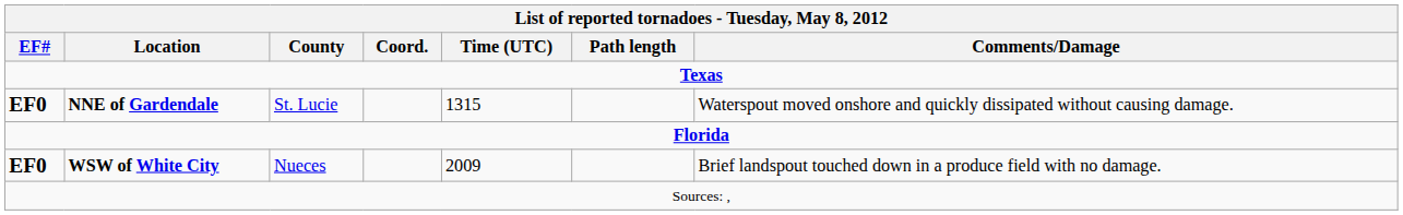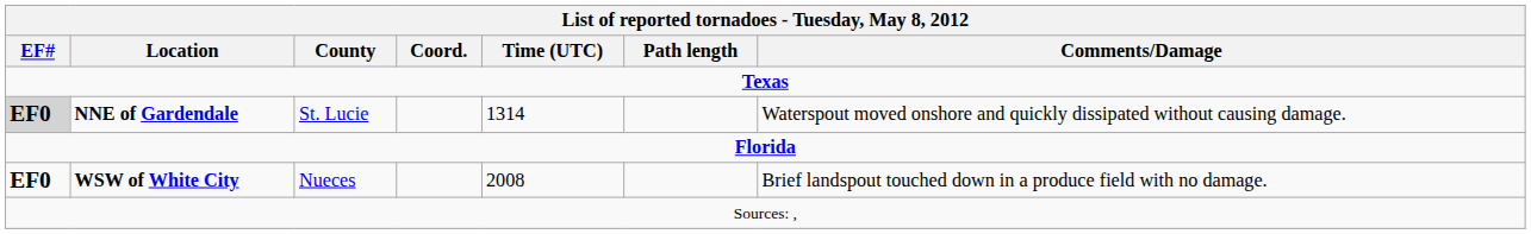 <table class="wikitable collapsible" width="100%">
 <tr>
 <th colspan="7">List of reported tornadoes - Tuesday, May 8, 2012</th>
 </tr>
 <tr>
 <th><a href='#'>EF#</a></th>
 <th>Location</th>
 <th>County</th>
 <th>Coord.</th>
 <th>Time (UTC)</th>
 <th>Path length</th>
 <th>Comments/Damage</th>
 </tr>
 <tr>
 <td colspan="7" align=center><strong><a href='#'>Texas</a></strong></td>
 </tr>
 <tr>
-<td><big><strong>EF0</strong></big></td>
+<td style="background: lightgrey;"><big><strong>EF0</strong></big></td>
 <td><strong>NNE of <a href='#'>Gardendale</a></strong></td>
 <td><a href='#'>St. Lucie</a></td>
 <td></td>
-<td>1315</td>
+<td>1314</td>
 <td></td>
 <td>Waterspout moved onshore and quickly dissipated without causing damage.</td>
 </tr>
 <tr>
 <td colspan="7" align=center><strong><a href='#'>Florida</a></strong></td>
 </tr>
 <tr>
 <td><big><strong>EF0</strong></big></td>
 <td><strong>WSW of <a href='#'>White City</a></strong></td>
 <td><a href='#'>Nueces</a></td>
 <td></td>
-<td>2009</td>
+<td>2008</td>
 <td></td>
 <td>Brief landspout touched down in a produce field with no damage.</td>
 </tr>
 <tr>
 <td colspan="7" align=center><small>Sources: , </small></td>
 </tr>
 </table>
